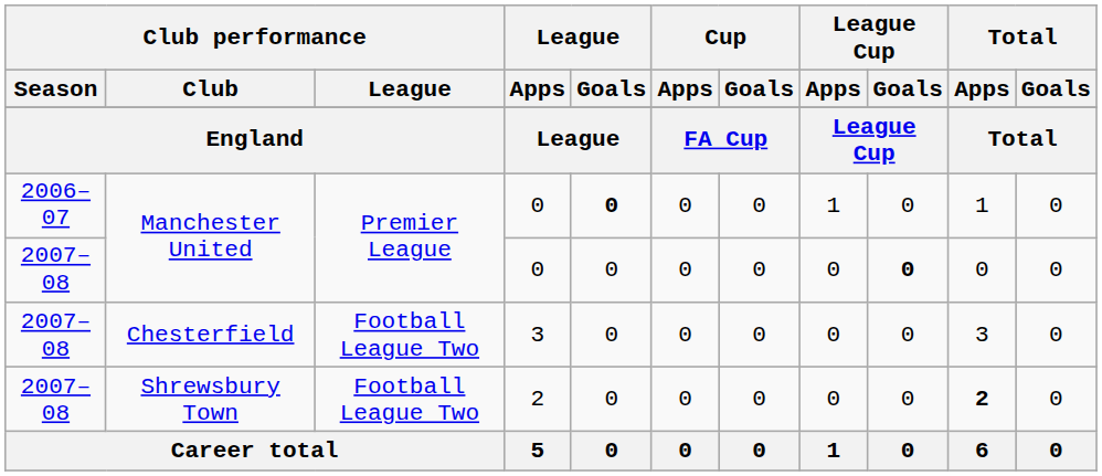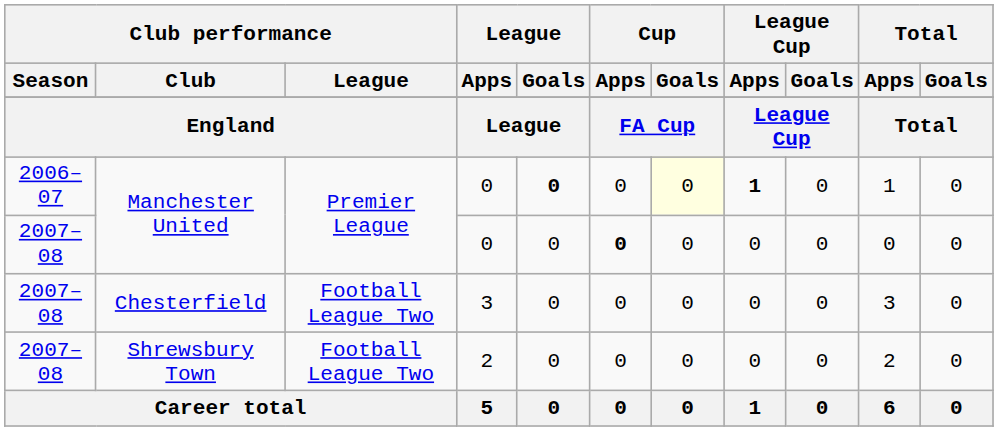 <table class="wikitable" style="text-align:center">
 <tr>
 <th colspan=3>Club performance</th>
 <th colspan=2>League</th>
 <th colspan=2>Cup</th>
 <th colspan=2>League Cup</th>
 <th colspan=2>Total</th>
 </tr>
 <tr>
 <th>Season</th>
 <th>Club</th>
 <th>League</th>
 <th>Apps</th>
 <th>Goals</th>
 <th>Apps</th>
 <th>Goals</th>
 <th>Apps</th>
 <th>Goals</th>
 <th>Apps</th>
 <th>Goals</th>
 </tr>
 <tr>
 </tr>
 <tr>
 <th colspan=3>England</th>
 <th colspan=2>League</th>
 <th colspan=2><a href='#'>FA Cup</a></th>
 <th colspan=2><a href='#'>League Cup</a></th>
 <th colspan=2>Total</th>
 </tr>
 <tr>
 <td><a href='#'>2006–07</a></td>
 <td rowspan="2"><a href='#'>Manchester United</a></td>
 <td rowspan="2"><a href='#'>Premier League</a></td>
 <td>0</td>
 <td><strong>0</strong></td>
 <td>0</td>
-<td>0</td>
-<td>1</td>
+<td style="background: lightyellow;">0</td>
+<td><strong>1</strong></td>
 <td>0</td>
 <td>1</td>
 <td>0</td>
 </tr>
 <tr>
 <td><a href='#'>2007–08</a></td>
 <td>0</td>
 <td>0</td>
+<td><strong>0</strong></td>
 <td>0</td>
 <td>0</td>
 <td>0</td>
-<td><strong>0</strong></td>
 <td>0</td>
 <td>0</td>
 </tr>
 <tr>
 <td><a href='#'>2007–08</a></td>
 <td><a href='#'>Chesterfield</a></td>
 <td><a href='#'>Football League Two</a></td>
 <td>3</td>
 <td>0</td>
 <td>0</td>
 <td>0</td>
 <td>0</td>
 <td>0</td>
 <td>3</td>
 <td>0</td>
 </tr>
 <tr>
 <td><a href='#'>2007–08</a></td>
 <td><a href='#'>Shrewsbury Town</a></td>
 <td><a href='#'>Football League Two</a></td>
 <td>2</td>
 <td>0</td>
 <td>0</td>
 <td>0</td>
 <td>0</td>
 <td>0</td>
-<td><strong>2</strong></td>
+<td>2</td>
 <td>0</td>
 </tr>
 <tr>
 <th colspan=3>Career total</th>
 <th>5</th>
 <th>0</th>
 <th>0</th>
 <th>0</th>
 <th>1</th>
 <th>0</th>
 <th>6</th>
 <th>0</th>
 </tr>
 </table>
